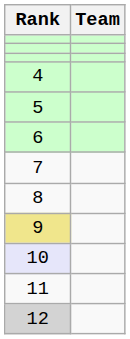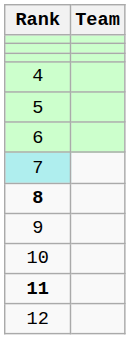 <table class="wikitable" style="text-align: center;">
 <tr>
 <th width=40>Rank</th>
 <th>Team</th>
 </tr>
 <tr align=center bgcolor=#ccffcc>
 <td></td>
 <td style="text-align:left;"></td>
 </tr>
 <tr align=center bgcolor=#ccffcc>
 <td></td>
 <td style="text-align:left;"></td>
 </tr>
 <tr align=center bgcolor=#ccffcc>
 <td></td>
 <td style="text-align:left;"></td>
 </tr>
 <tr align=center bgcolor=#ccffcc>
 <td>4</td>
 <td style="text-align:left;"></td>
 </tr>
 <tr align=center bgcolor=#ccffcc>
 <td>5</td>
 <td style="text-align:left;"></td>
 </tr>
 <tr align=center bgcolor=#ccffcc>
 <td>6</td>
 <td style="text-align:left;"></td>
 </tr>
 <tr align=center>
-<td>7</td>
+<td style="background: paleturquoise;">7</td>
 <td style="text-align:left;"></td>
 </tr>
 <tr align=center>
-<td>8</td>
+<td><strong>8</strong></td>
 <td style="text-align:left;"></td>
 </tr>
 <tr align=center>
-<td style="background: khaki;">9</td>
+<td>9</td>
 <td style="text-align:left;"></td>
 </tr>
 <tr align=center>
-<td style="background: lavender;">10</td>
+<td>10</td>
 <td style="text-align:left;"></td>
 </tr>
 <tr align=center>
-<td>11</td>
+<td><strong>11</strong></td>
 <td style="text-align:left;"></td>
 </tr>
 <tr align=center>
-<td style="background: lightgrey;">12</td>
+<td>12</td>
 <td style="text-align:left;"></td>
 </tr>
 </table>
